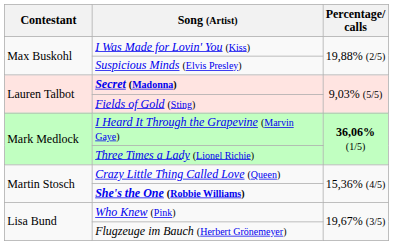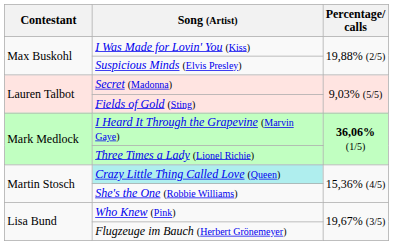 <table class="wikitable">
 <tr>
 <th width="110">Contestant</th>
 <th width="300">Song <small>(Artist)</small></th>
 <th width="28">Percentage/<br>calls</th>
 </tr>
 <tr>
 <td align="left" rowspan="2">Max Buskohl</td>
 <td align="left"><em><a href='#'>I Was Made for Lovin' You</a></em> <small>(<a href='#'>Kiss</a>)</small></td>
 <td align="center" rowspan="2">19,88% <small>(2/5)</small></td>
 </tr>
 <tr>
 <td align="left"><em><a href='#'>Suspicious Minds</a></em> <small>(<a href='#'>Elvis Presley</a>)</small></td>
 </tr>
 <tr bgcolor="#FFE4E1">
 <td align="left" rowspan="2">Lauren Talbot</td>
-<td align="left"><strong><em><a href='#'>Secret</a></em> <small>(<a href='#'>Madonna</a>)</small></strong></td>
+<td align="left"><em><a href='#'>Secret</a></em> <small>(<a href='#'>Madonna</a>)</small></td>
 <td align="center" rowspan="2">9,03% <small>(5/5)</small></td>
 </tr>
 <tr bgcolor="#FFE4E1">
 <td align="left"><em><a href='#'>Fields of Gold</a></em> <small>(<a href='#'>Sting</a>)</small></td>
 </tr>
 <tr bgcolor="#C1FFC1">
 <td align="left" rowspan="2">Mark Medlock</td>
 <td align="left"><em><a href='#'>I Heard It Through the Grapevine</a></em> <small>(<a href='#'>Marvin Gaye</a>)</small></td>
 <td align="center" rowspan="2"><strong>36,06%</strong> <small>(1/5)</small></td>
 </tr>
 <tr bgcolor="#C1FFC1">
 <td align="left"><em><a href='#'>Three Times a Lady</a></em> <small>(<a href='#'>Lionel Richie</a>)</small></td>
 </tr>
 <tr>
 <td align="left" rowspan="2">Martin Stosch</td>
-<td align="left"><em><a href='#'>Crazy Little Thing Called Love</a></em> <small>(<a href='#'>Queen</a>)</small></td>
+<td align="left" style="background: paleturquoise;"><em><a href='#'>Crazy Little Thing Called Love</a></em> <small>(<a href='#'>Queen</a>)</small></td>
 <td align="center" rowspan="2">15,36% <small>(4/5)</small></td>
 </tr>
 <tr>
-<td align="left"><strong><em><a href='#'>She's the One</a></em> <small>(<a href='#'>Robbie Williams</a>)</small></strong></td>
+<td align="left"><em><a href='#'>She's the One</a></em> <small>(<a href='#'>Robbie Williams</a>)</small></td>
 </tr>
 <tr>
 <td align="left" rowspan="2">Lisa Bund</td>
 <td align="left"><em><a href='#'>Who Knew</a></em> <small>(<a href='#'>Pink</a>)</small></td>
 <td align="center" rowspan="2">19,67% <small>(3/5)</small></td>
 </tr>
 <tr>
 <td align="left"><em>Flugzeuge im Bauch</em> <small>(<a href='#'>Herbert Grönemeyer</a>)</small></td>
 </tr>
 </table>
